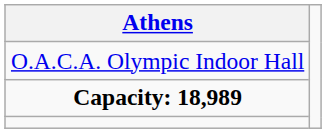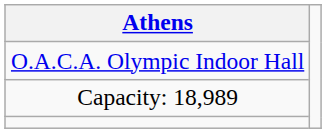 <table class="wikitable" style="text-align:center; margin:1em auto;">
 <tr>
 <th><a href='#'>Athens</a></th>
 <td rowspan=4></td>
 </tr>
 <tr>
 <td><a href='#'>O.A.C.A. Olympic Indoor Hall</a></td>
 </tr>
 <tr>
-<td><strong>Capacity: 18,989</strong></td>
+<td>Capacity: 18,989</td>
 </tr>
 <tr>
 <td></td>
 </tr>
 </table>
